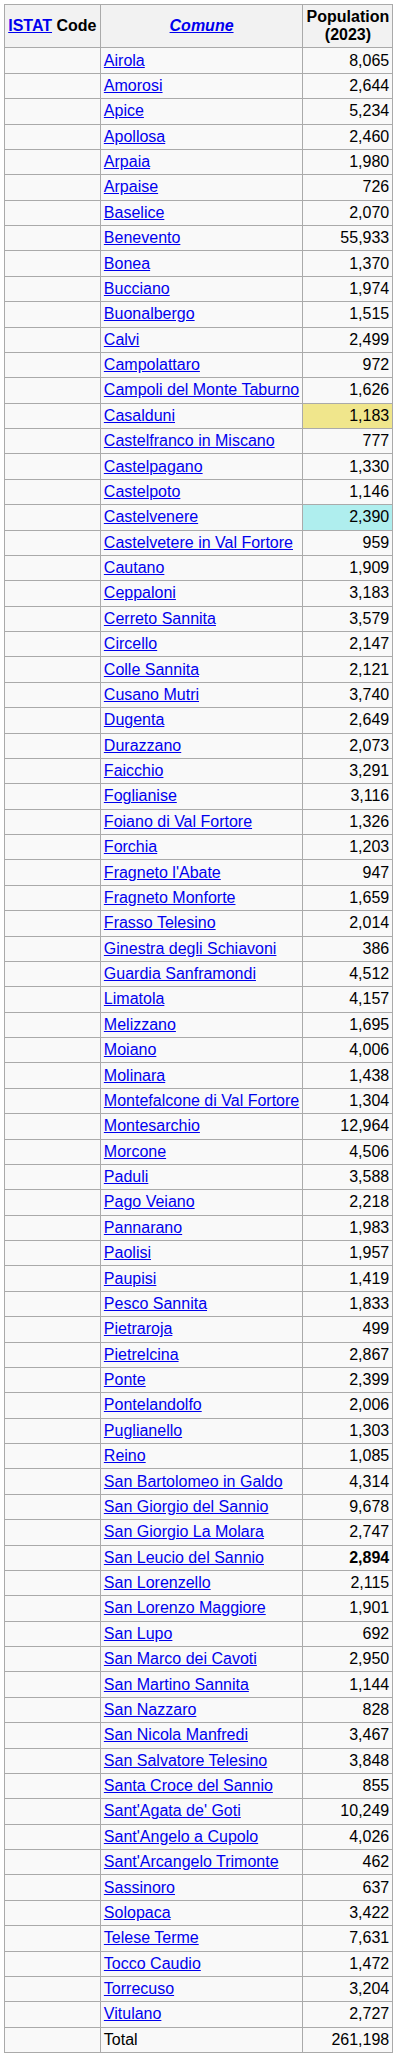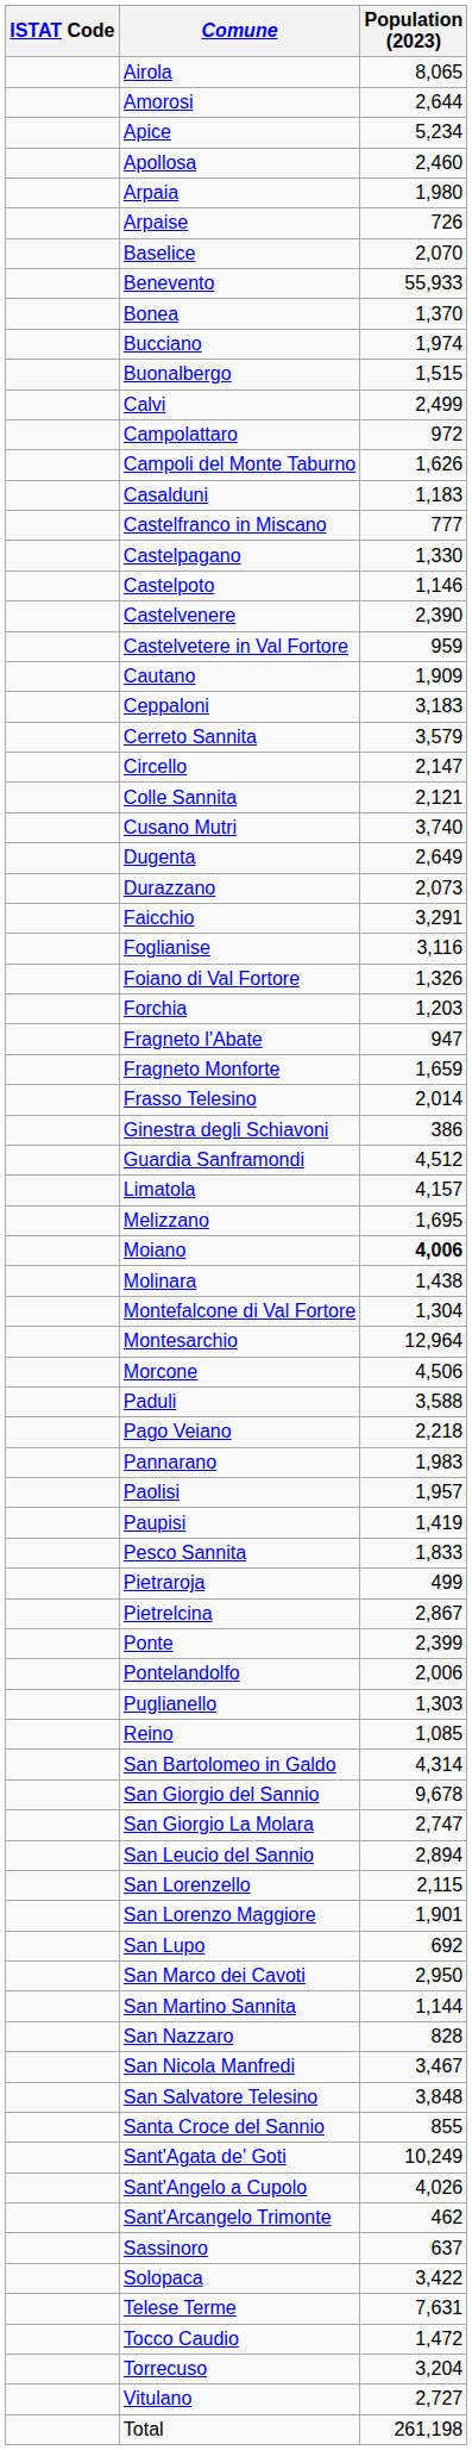 <table class="wikitable sortable">
 <tr>
 <th><a href='#'>ISTAT</a> Code</th>
 <th><em><a href='#'>Comune</a></em></th>
 <th>Population <br>(2023)</th>
 </tr>
 <tr>
 <td></td>
 <td><a href='#'>Airola</a></td>
 <td align="right">8,065</td>
 </tr>
 <tr>
 <td></td>
 <td><a href='#'>Amorosi</a></td>
 <td align="right">2,644</td>
 </tr>
 <tr>
 <td></td>
 <td><a href='#'>Apice</a></td>
 <td align="right">5,234</td>
 </tr>
 <tr>
 <td></td>
 <td><a href='#'>Apollosa</a></td>
 <td align="right">2,460</td>
 </tr>
 <tr>
 <td></td>
 <td><a href='#'>Arpaia</a></td>
 <td align="right">1,980</td>
 </tr>
 <tr>
 <td></td>
 <td><a href='#'>Arpaise</a></td>
 <td align="right">726</td>
 </tr>
 <tr>
 <td></td>
 <td><a href='#'>Baselice</a></td>
 <td align="right">2,070</td>
 </tr>
 <tr>
 <td></td>
 <td><a href='#'>Benevento</a></td>
 <td align="right">55,933</td>
 </tr>
 <tr>
 <td></td>
 <td><a href='#'>Bonea</a></td>
 <td align="right">1,370</td>
 </tr>
 <tr>
 <td></td>
 <td><a href='#'>Bucciano</a></td>
 <td align="right">1,974</td>
 </tr>
 <tr>
 <td></td>
 <td><a href='#'>Buonalbergo</a></td>
 <td align="right">1,515</td>
 </tr>
 <tr>
 <td></td>
 <td><a href='#'>Calvi</a></td>
 <td align="right">2,499</td>
 </tr>
 <tr>
 <td></td>
 <td><a href='#'>Campolattaro</a></td>
 <td align="right">972</td>
 </tr>
 <tr>
 <td></td>
 <td><a href='#'>Campoli del Monte Taburno</a></td>
 <td align="right">1,626</td>
 </tr>
 <tr>
 <td></td>
 <td><a href='#'>Casalduni</a></td>
-<td align="right" style="background: khaki;">1,183</td>
+<td align="right">1,183</td>
 </tr>
 <tr>
 <td></td>
 <td><a href='#'>Castelfranco in Miscano</a></td>
 <td align="right">777</td>
 </tr>
 <tr>
 <td></td>
 <td><a href='#'>Castelpagano</a></td>
 <td align="right">1,330</td>
 </tr>
 <tr>
 <td></td>
 <td><a href='#'>Castelpoto</a></td>
 <td align="right">1,146</td>
 </tr>
 <tr>
 <td></td>
 <td><a href='#'>Castelvenere</a></td>
-<td align="right" style="background: paleturquoise;">2,390</td>
+<td align="right">2,390</td>
 </tr>
 <tr>
 <td></td>
 <td><a href='#'>Castelvetere in Val Fortore</a></td>
 <td align="right">959</td>
 </tr>
 <tr>
 <td></td>
 <td><a href='#'>Cautano</a></td>
 <td align="right">1,909</td>
 </tr>
 <tr>
 <td></td>
 <td><a href='#'>Ceppaloni</a></td>
 <td align="right">3,183</td>
 </tr>
 <tr>
 <td></td>
 <td><a href='#'>Cerreto Sannita</a></td>
 <td align="right">3,579</td>
 </tr>
 <tr>
 <td></td>
 <td><a href='#'>Circello</a></td>
 <td align="right">2,147</td>
 </tr>
 <tr>
 <td></td>
 <td><a href='#'>Colle Sannita</a></td>
 <td align="right">2,121</td>
 </tr>
 <tr>
 <td></td>
 <td><a href='#'>Cusano Mutri</a></td>
 <td align="right">3,740</td>
 </tr>
 <tr>
 <td></td>
 <td><a href='#'>Dugenta</a></td>
 <td align="right">2,649</td>
 </tr>
 <tr>
 <td></td>
 <td><a href='#'>Durazzano</a></td>
 <td align="right">2,073</td>
 </tr>
 <tr>
 <td></td>
 <td><a href='#'>Faicchio</a></td>
 <td align="right">3,291</td>
 </tr>
 <tr>
 <td></td>
 <td><a href='#'>Foglianise</a></td>
 <td align="right">3,116</td>
 </tr>
 <tr>
 <td></td>
 <td><a href='#'>Foiano di Val Fortore</a></td>
 <td align="right">1,326</td>
 </tr>
 <tr>
 <td></td>
 <td><a href='#'>Forchia</a></td>
 <td align="right">1,203</td>
 </tr>
 <tr>
 <td></td>
 <td><a href='#'>Fragneto l'Abate</a></td>
 <td align="right">947</td>
 </tr>
 <tr>
 <td></td>
 <td><a href='#'>Fragneto Monforte</a></td>
 <td align="right">1,659</td>
 </tr>
 <tr>
 <td></td>
 <td><a href='#'>Frasso Telesino</a></td>
 <td align="right">2,014</td>
 </tr>
 <tr>
 <td></td>
 <td><a href='#'>Ginestra degli Schiavoni</a></td>
 <td align="right">386</td>
 </tr>
 <tr>
 <td></td>
 <td><a href='#'>Guardia Sanframondi</a></td>
 <td align="right">4,512</td>
 </tr>
 <tr>
 <td></td>
 <td><a href='#'>Limatola</a></td>
 <td align="right">4,157</td>
 </tr>
 <tr>
 <td></td>
 <td><a href='#'>Melizzano</a></td>
 <td align="right">1,695</td>
 </tr>
 <tr>
 <td></td>
 <td><a href='#'>Moiano</a></td>
-<td align="right">4,006</td>
+<td align="right"><strong>4,006</strong></td>
 </tr>
 <tr>
 <td></td>
 <td><a href='#'>Molinara</a></td>
 <td align="right">1,438</td>
 </tr>
 <tr>
 <td></td>
 <td><a href='#'>Montefalcone di Val Fortore</a></td>
 <td align="right">1,304</td>
 </tr>
 <tr>
 <td></td>
 <td><a href='#'>Montesarchio</a></td>
 <td align="right">12,964</td>
 </tr>
 <tr>
 <td></td>
 <td><a href='#'>Morcone</a></td>
 <td align="right">4,506</td>
 </tr>
 <tr>
 <td></td>
 <td><a href='#'>Paduli</a></td>
 <td align="right">3,588</td>
 </tr>
 <tr>
 <td></td>
 <td><a href='#'>Pago Veiano</a></td>
 <td align="right">2,218</td>
 </tr>
 <tr>
 <td></td>
 <td><a href='#'>Pannarano</a></td>
 <td align="right">1,983</td>
 </tr>
 <tr>
 <td></td>
 <td><a href='#'>Paolisi</a></td>
 <td align="right">1,957</td>
 </tr>
 <tr>
 <td></td>
 <td><a href='#'>Paupisi</a></td>
 <td align="right">1,419</td>
 </tr>
 <tr>
 <td></td>
 <td><a href='#'>Pesco Sannita</a></td>
 <td align="right">1,833</td>
 </tr>
 <tr>
 <td></td>
 <td><a href='#'>Pietraroja</a></td>
 <td align="right">499</td>
 </tr>
 <tr>
 <td></td>
 <td><a href='#'>Pietrelcina</a></td>
 <td align="right">2,867</td>
 </tr>
 <tr>
 <td></td>
 <td><a href='#'>Ponte</a></td>
 <td align="right">2,399</td>
 </tr>
 <tr>
 <td></td>
 <td><a href='#'>Pontelandolfo</a></td>
 <td align="right">2,006</td>
 </tr>
 <tr>
 <td></td>
 <td><a href='#'>Puglianello</a></td>
 <td align="right">1,303</td>
 </tr>
 <tr>
 <td></td>
 <td><a href='#'>Reino</a></td>
 <td align="right">1,085</td>
 </tr>
 <tr>
 <td></td>
 <td><a href='#'>San Bartolomeo in Galdo</a></td>
 <td align="right">4,314</td>
 </tr>
 <tr>
 <td></td>
 <td><a href='#'>San Giorgio del Sannio</a></td>
 <td align="right">9,678</td>
 </tr>
 <tr>
 <td></td>
 <td><a href='#'>San Giorgio La Molara</a></td>
 <td align="right">2,747</td>
 </tr>
 <tr>
 <td></td>
 <td><a href='#'>San Leucio del Sannio</a></td>
-<td align="right"><strong>2,894</strong></td>
+<td align="right">2,894</td>
 </tr>
 <tr>
 <td></td>
 <td><a href='#'>San Lorenzello</a></td>
 <td align="right">2,115</td>
 </tr>
 <tr>
 <td></td>
 <td><a href='#'>San Lorenzo Maggiore</a></td>
 <td align="right">1,901</td>
 </tr>
 <tr>
 <td></td>
 <td><a href='#'>San Lupo</a></td>
 <td align="right">692</td>
 </tr>
 <tr>
 <td></td>
 <td><a href='#'>San Marco dei Cavoti</a></td>
 <td align="right">2,950</td>
 </tr>
 <tr>
 <td></td>
 <td><a href='#'>San Martino Sannita</a></td>
 <td align="right">1,144</td>
 </tr>
 <tr>
 <td></td>
 <td><a href='#'>San Nazzaro</a></td>
 <td align="right">828</td>
 </tr>
 <tr>
 <td></td>
 <td><a href='#'>San Nicola Manfredi</a></td>
 <td align="right">3,467</td>
 </tr>
 <tr>
 <td></td>
 <td><a href='#'>San Salvatore Telesino</a></td>
 <td align="right">3,848</td>
 </tr>
 <tr>
 <td></td>
 <td><a href='#'>Santa Croce del Sannio</a></td>
 <td align="right">855</td>
 </tr>
 <tr>
 <td></td>
 <td><a href='#'>Sant'Agata de' Goti</a></td>
 <td align="right">10,249</td>
 </tr>
 <tr>
 <td></td>
 <td><a href='#'>Sant'Angelo a Cupolo</a></td>
 <td align="right">4,026</td>
 </tr>
 <tr>
 <td></td>
 <td><a href='#'>Sant'Arcangelo Trimonte</a></td>
 <td align="right">462</td>
 </tr>
 <tr>
 <td></td>
 <td><a href='#'>Sassinoro</a></td>
 <td align="right">637</td>
 </tr>
 <tr>
 <td></td>
 <td><a href='#'>Solopaca</a></td>
 <td align="right">3,422</td>
 </tr>
 <tr>
 <td></td>
 <td><a href='#'>Telese Terme</a></td>
 <td align="right">7,631</td>
 </tr>
 <tr>
 <td></td>
 <td><a href='#'>Tocco Caudio</a></td>
 <td align="right">1,472</td>
 </tr>
 <tr>
 <td></td>
 <td><a href='#'>Torrecuso</a></td>
 <td align="right">3,204</td>
 </tr>
 <tr>
 <td></td>
 <td><a href='#'>Vitulano</a></td>
 <td align="right">2,727</td>
 </tr>
 <tr>
 <td></td>
 <td>Total</td>
 <td align="right">261,198</td>
 </tr>
 <tr>
 </tr>
 </table>
